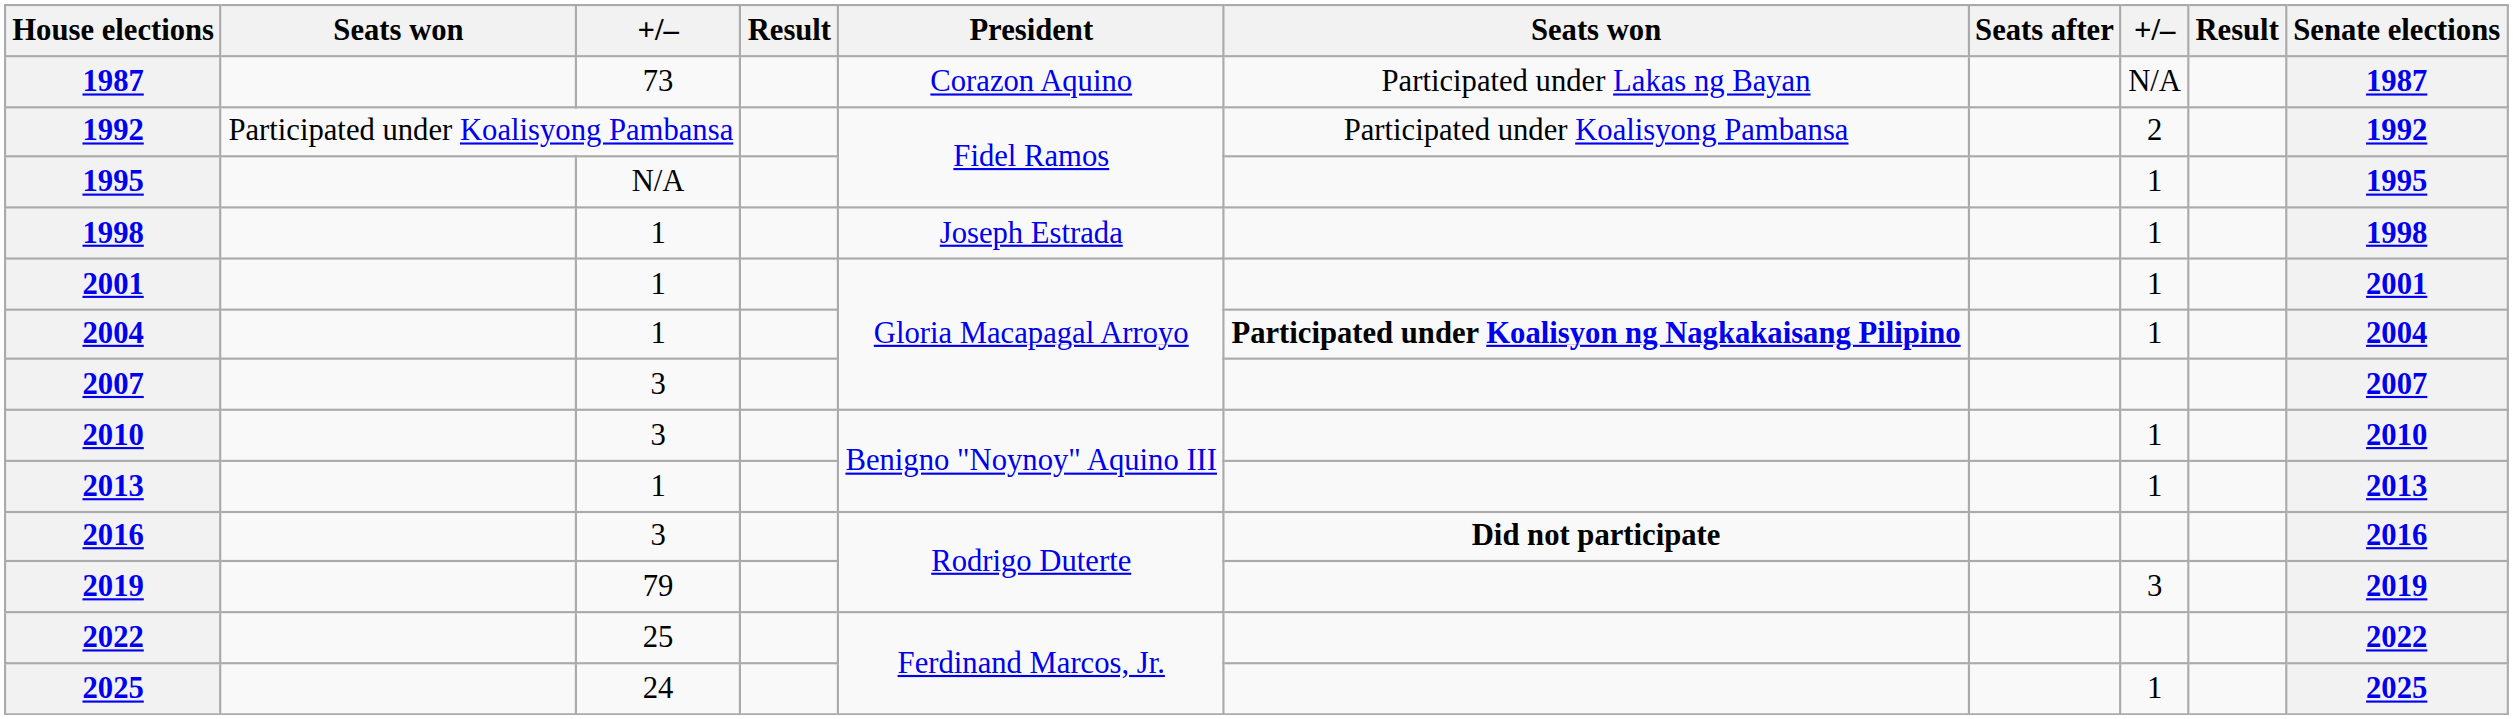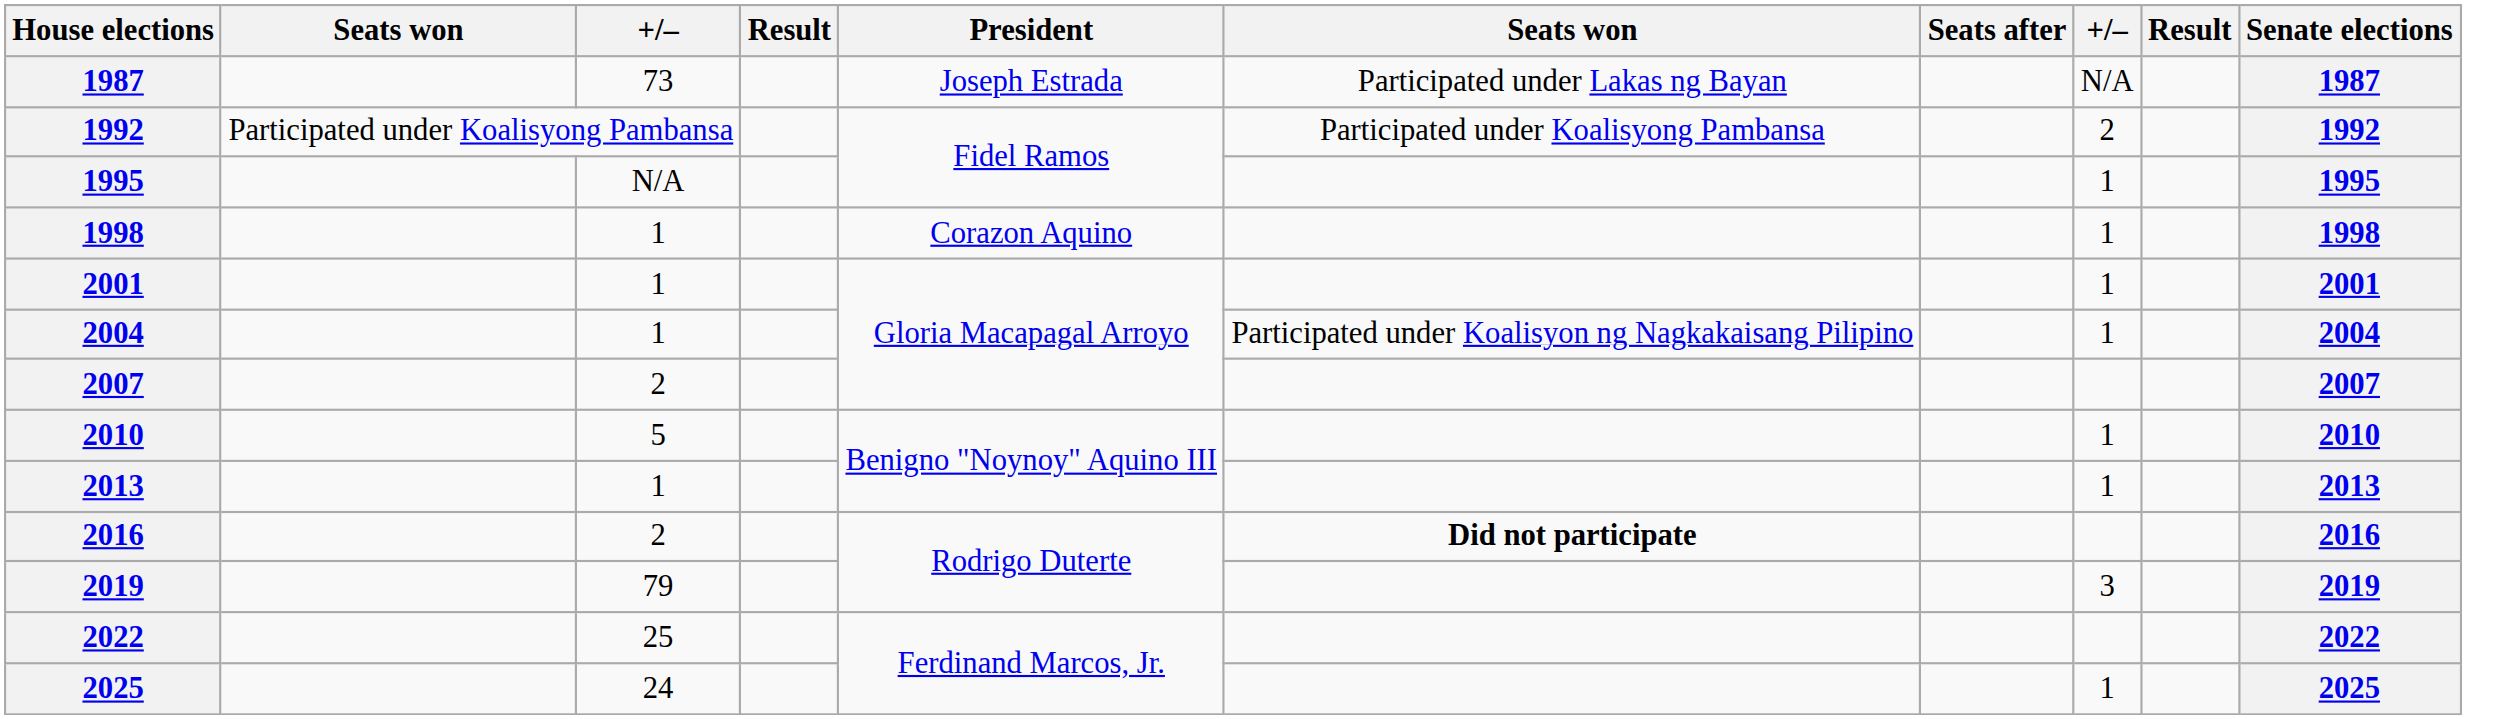 <table class="wikitable" style="text-align:center; font-size:90%">
 <tr>
 <th>House elections</th>
 <th>Seats won</th>
 <th>+/–</th>
 <th>Result</th>
 <th>President</th>
 <th>Seats won</th>
 <th>Seats after</th>
 <th>+/–</th>
 <th>Result</th>
 <th>Senate elections</th>
 </tr>
 <tr>
 <th><a href='#'>1987</a></th>
 <td></td>
 <td> 73</td>
 <td></td>
-<td style="background:"><a href='#'>Corazon Aquino</a></td>
+<td style="background:"><a href='#'><span>Joseph Estrada</span></a></td>
 <td>Participated under <a href='#'>Lakas ng Bayan</a></td>
 <td></td>
 <td>N/A</td>
 <td></td>
 <th><a href='#'>1987</a></th>
 </tr>
 <tr>
 <th><a href='#'>1992</a></th>
 <td colspan="2">Participated under <a href='#'>Koalisyong Pambansa</a></td>
 <td></td>
 <td rowspan="2" style="background:"><a href='#'>Fidel Ramos</a></td>
 <td>Participated under <a href='#'>Koalisyong Pambansa</a></td>
 <td></td>
 <td> 2</td>
 <td></td>
 <th><a href='#'>1992</a></th>
 </tr>
 <tr>
 <th><a href='#'>1995</a></th>
 <td></td>
 <td>N/A</td>
 <td></td>
 <td></td>
 <td></td>
 <td> 1</td>
 <td></td>
 <th><a href='#'>1995</a></th>
 </tr>
 <tr>
 <th><a href='#'>1998</a></th>
 <td></td>
 <td> 1</td>
 <td></td>
-<td style="background:"><a href='#'><span>Joseph Estrada</span></a></td>
+<td style="background:"><a href='#'>Corazon Aquino</a></td>
 <td></td>
 <td></td>
 <td> 1</td>
 <td></td>
 <th><a href='#'>1998</a></th>
 </tr>
 <tr>
 <th><a href='#'>2001</a></th>
 <td></td>
 <td> 1</td>
 <td></td>
 <td rowspan="3" style="background:"><a href='#'>Gloria Macapagal Arroyo</a></td>
 <td></td>
 <td></td>
 <td> 1</td>
 <td></td>
 <th><a href='#'>2001</a></th>
 </tr>
 <tr>
 <th><a href='#'>2004</a></th>
 <td></td>
 <td> 1</td>
 <td></td>
-<td><strong>Participated under <a href='#'>Koalisyon ng Nagkakaisang Pilipino</a></strong></td>
+<td>Participated under <a href='#'>Koalisyon ng Nagkakaisang Pilipino</a></td>
 <td></td>
 <td> 1</td>
 <td></td>
 <th><a href='#'>2004</a></th>
 </tr>
 <tr>
 <th><a href='#'>2007</a></th>
 <td></td>
-<td> 3</td>
+<td> 2</td>
 <td></td>
 <td></td>
 <td></td>
 <td></td>
 <td></td>
 <th><a href='#'>2007</a></th>
 </tr>
 <tr>
 <th><a href='#'>2010</a></th>
 <td></td>
-<td> 3</td>
+<td> 5</td>
 <td></td>
 <td rowspan="2" style="background:"><a href='#'>Benigno "Noynoy" Aquino III</a></td>
 <td></td>
 <td></td>
 <td> 1</td>
 <td></td>
 <th><a href='#'>2010</a></th>
 </tr>
 <tr>
 <th><a href='#'>2013</a></th>
 <td></td>
 <td> 1</td>
 <td></td>
 <td></td>
 <td></td>
 <td> 1</td>
 <td></td>
 <th><a href='#'>2013</a></th>
 </tr>
 <tr>
 <th><a href='#'>2016</a></th>
 <td></td>
-<td> 3</td>
+<td> 2</td>
 <td></td>
 <td rowspan="2" style="background:"><a href='#'>Rodrigo Duterte</a></td>
 <td><strong>Did not participate</strong></td>
 <td></td>
 <td></td>
 <td></td>
 <th><a href='#'>2016</a></th>
 </tr>
 <tr>
 <th><a href='#'>2019</a></th>
 <td></td>
 <td> 79</td>
 <td></td>
 <td></td>
 <td></td>
 <td> 3</td>
 <td></td>
 <th><a href='#'>2019</a></th>
 </tr>
 <tr>
 <th><a href='#'>2022</a></th>
 <td></td>
 <td> 25</td>
 <td></td>
 <td rowspan="2" style="background:"><a href='#'><span>Ferdinand Marcos, Jr.</span></a></td>
 <td></td>
 <td></td>
 <td></td>
 <td></td>
 <th><a href='#'>2022</a></th>
 </tr>
 <tr>
 <th><a href='#'>2025</a></th>
 <td></td>
 <td> 24</td>
 <td></td>
 <td></td>
 <td></td>
 <td> 1</td>
 <td></td>
 <th><a href='#'>2025</a></th>
 </tr>
 </table>
